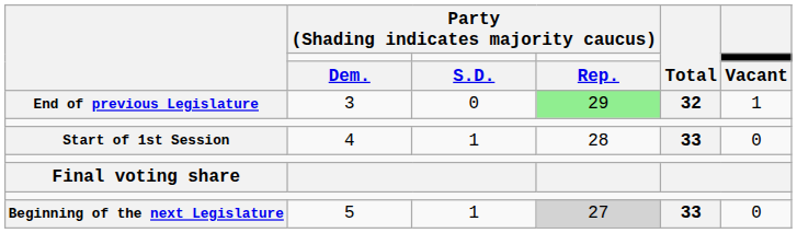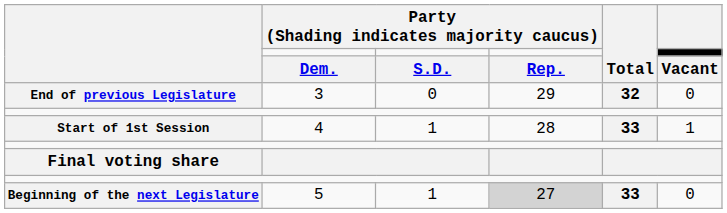 <table class=wikitable style="text-align:center">
 <tr style="vertical-align:bottom;">
 <th rowspan=3></th>
 <th colspan=3>Party <div>(Shading indicates majority caucus)</div></th>
 <th rowspan=3>Total</th>
 <th></th>
 </tr>
 <tr style="height:5px">
 <td style="background-color:"></td>
 <td style="background-color:"></td>
 <td style="background-color:"></td>
 <td style="background:black;"></td>
 </tr>
 <tr>
 <th><a href='#'>Dem.</a></th>
 <th><a href='#'>S.D.</a></th>
 <th><a href='#'>Rep.</a></th>
 <th>Vacant</th>
 </tr>
 <tr>
 <th style="font-size:80%;">End of <a href='#'>previous Legislature</a></th>
 <td>3</td>
 <td>0</td>
-<td style="background: lightgreen;">29</td>
+<td>29</td>
 <th>32</th>
-<td>1</td>
+<td>0</td>
 </tr>
 <tr>
 <td colspan=6></td>
 </tr>
 <tr>
 <th style="font-size:80%;">Start of 1st Session</th>
 <td>4</td>
 <td>1</td>
 <td>28</td>
 <th>33</th>
-<td>0</td>
+<td>1</td>
 </tr>
 <tr>
 <td colspan=6></td>
 </tr>
 <tr>
 <th>Final voting share</th>
 <th colspan=2></th>
 <th></th>
 <th colspan=2></th>
 </tr>
 <tr>
 <td colspan=6></td>
 </tr>
 <tr>
 <th style="font-size:80%;">Beginning of the <a href='#'>next Legislature</a></th>
 <td>5</td>
 <td>1</td>
 <td style="background: lightgrey;">27</td>
 <th>33</th>
 <td>0</td>
 </tr>
 </table>
